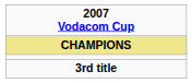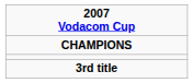 <table class="wikitable" style="text-align: center; margin: 0 auto; width: 20%">
 <tr>
 <td><strong>2007</strong> <br> <strong><a href='#'>Vodacom Cup</a></strong></td>
 </tr>
 <tr>
-<td style="background: khaki;"><strong>CHAMPIONS</strong></td>
+<td><strong>CHAMPIONS</strong></td>
 </tr>
 <tr>
 <td><strong></strong></td>
 </tr>
 <tr>
 <td><strong>3rd title</strong></td>
 </tr>
 </table>
